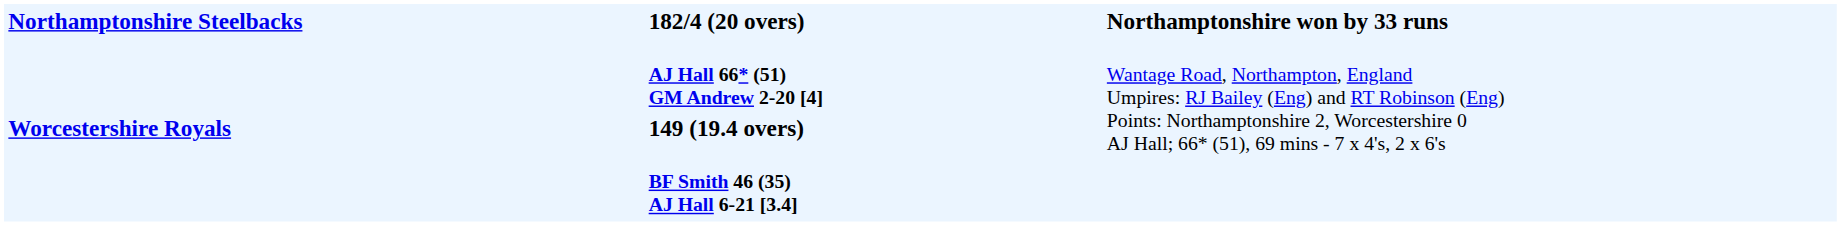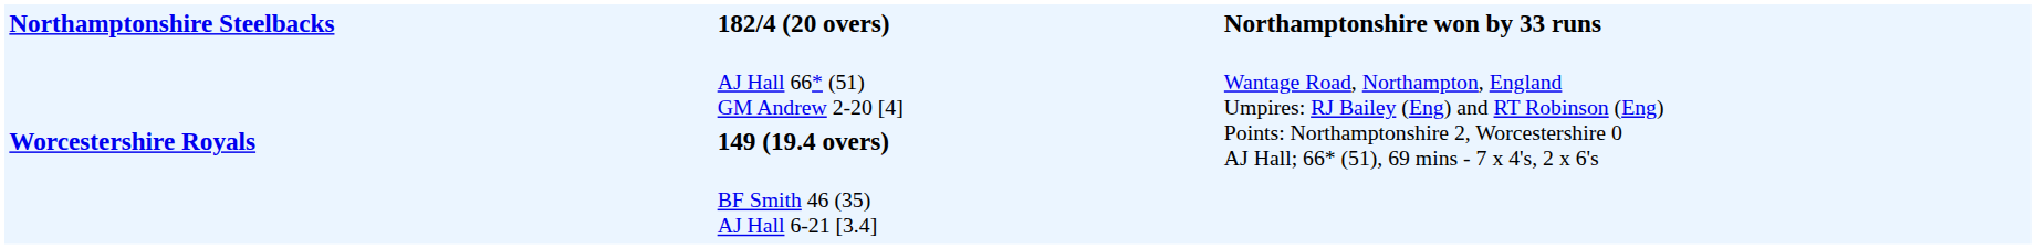 <table style="width:100%; background:#ebf5ff;">
 <tr>
 <td style="width:35%; vertical-align:top;" rowspan="2"><strong><a href='#'>Northamptonshire Steelbacks</a></strong></td>
 <td style="width:25%;"><strong>182/4 (20 overs)</strong></td>
 <td style="width:40%;"><strong>Northamptonshire won by 33 runs</strong></td>
 </tr>
 <tr>
-<td style="font-size: 85%;"><strong><br><a href='#'>AJ Hall</a> 66<a href='#'>*</a> (51)<br> <a href='#'>GM Andrew</a> 2-20 [4]</strong></td>
+<td style="font-size: 85%;"><br><a href='#'>AJ Hall</a> 66<a href='#'>*</a> (51)<br> <a href='#'>GM Andrew</a> 2-20 [4]</td>
 <td style="vertical-align:top; font-size:85%;" rowspan="3"><br><a href='#'>Wantage Road</a>, <a href='#'>Northampton</a>, <a href='#'>England</a><br> Umpires: <a href='#'>RJ Bailey</a> (<a href='#'>Eng</a>) and <a href='#'>RT Robinson</a> (<a href='#'>Eng</a>)<br> Points: Northamptonshire 2, Worcestershire 0<br>AJ Hall; 66* (51), 69 mins - 7 x 4's, 2 x 6's</td>
 </tr>
 <tr>
 <td style="vertical-align:top;" rowspan="2"><strong><a href='#'>Worcestershire Royals</a></strong></td>
 <td><strong>149 (19.4 overs)</strong></td>
 </tr>
 <tr>
-<td style="font-size: 85%;"><strong><br><a href='#'>BF Smith</a> 46 (35)<br> <a href='#'>AJ Hall</a> 6-21 [3.4]</strong></td>
+<td style="font-size: 85%;"><br><a href='#'>BF Smith</a> 46 (35)<br> <a href='#'>AJ Hall</a> 6-21 [3.4]</td>
 </tr>
 </table>
